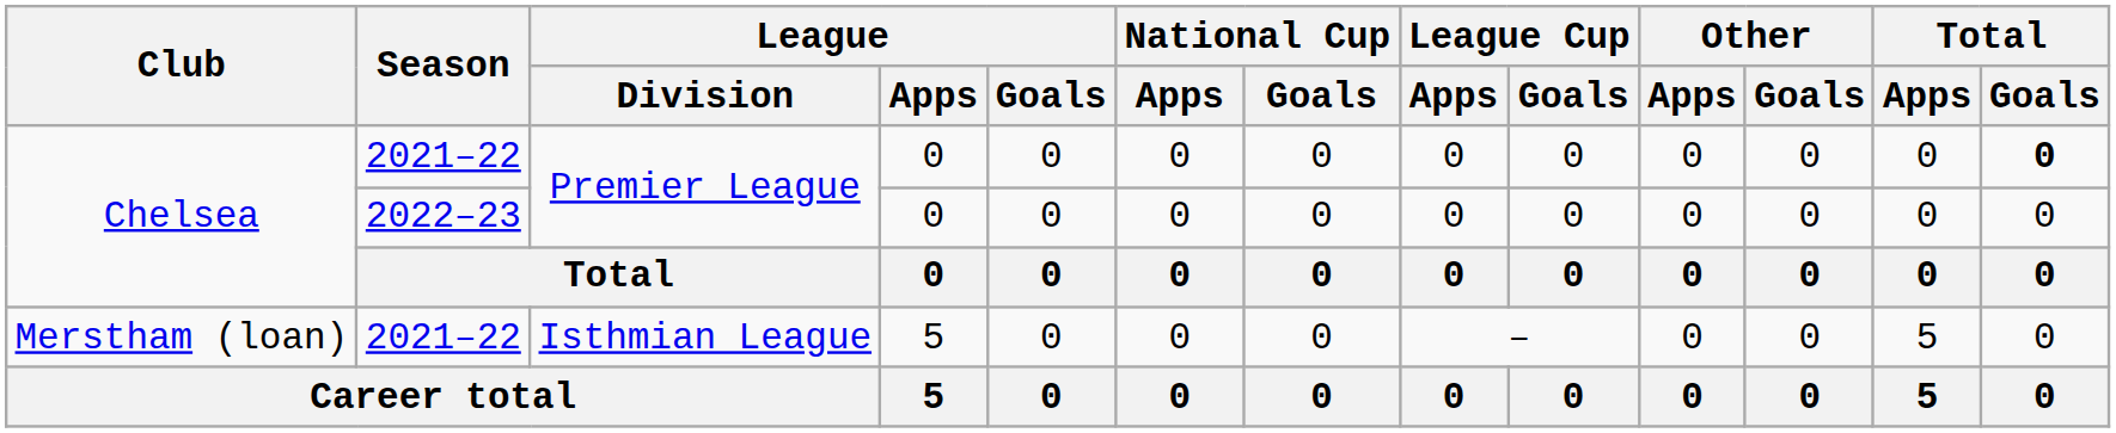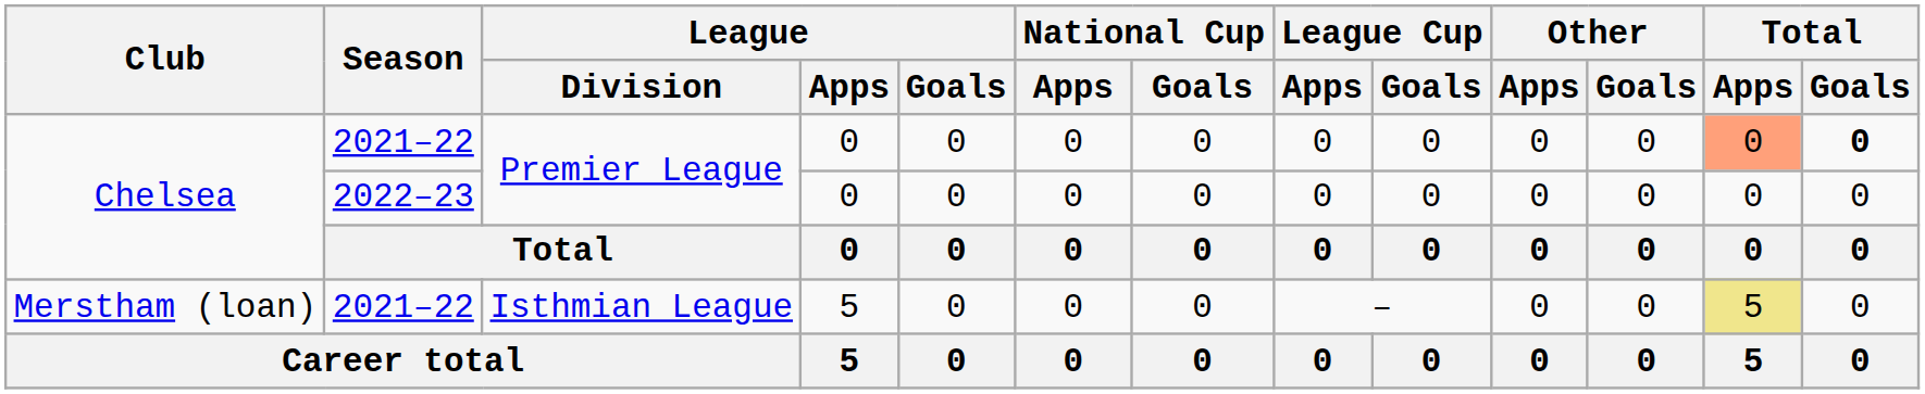 <table class="wikitable" style="text-align: center">
 <tr>
 <th rowspan="2">Club</th>
 <th rowspan="2">Season</th>
 <th colspan="3">League</th>
 <th colspan="2">National Cup</th>
 <th colspan="2">League Cup</th>
 <th colspan="2">Other</th>
 <th colspan="2">Total</th>
 </tr>
 <tr>
 <th>Division</th>
 <th>Apps</th>
 <th>Goals</th>
 <th>Apps</th>
 <th>Goals</th>
 <th>Apps</th>
 <th>Goals</th>
 <th>Apps</th>
 <th>Goals</th>
 <th>Apps</th>
 <th>Goals</th>
 </tr>
 <tr>
 <td rowspan="3"><a href='#'>Chelsea</a></td>
 <td><a href='#'>2021–22</a></td>
 <td rowspan="2"><a href='#'>Premier League</a></td>
 <td>0</td>
 <td>0</td>
 <td>0</td>
 <td>0</td>
 <td>0</td>
 <td>0</td>
 <td>0</td>
 <td>0</td>
-<td>0</td>
+<td style="background: lightsalmon;">0</td>
 <td><strong>0</strong></td>
 </tr>
 <tr>
 <td><a href='#'>2022–23</a></td>
 <td>0</td>
 <td>0</td>
 <td>0</td>
 <td>0</td>
 <td>0</td>
 <td>0</td>
 <td>0</td>
 <td>0</td>
 <td>0</td>
 <td>0</td>
 </tr>
 <tr>
 <th colspan="2"><strong>Total</strong></th>
 <th>0</th>
 <th>0</th>
 <th>0</th>
 <th>0</th>
 <th>0</th>
 <th>0</th>
 <th>0</th>
 <th>0</th>
 <th>0</th>
 <th>0</th>
 </tr>
 <tr>
 <td><a href='#'>Merstham</a> (loan)</td>
 <td><a href='#'>2021–22</a></td>
 <td><a href='#'>Isthmian League</a></td>
 <td>5</td>
 <td>0</td>
 <td>0</td>
 <td>0</td>
 <td colspan="2">–</td>
 <td>0</td>
 <td>0</td>
-<td>5</td>
+<td style="background: khaki;">5</td>
 <td>0</td>
 </tr>
 <tr>
 <th colspan="3"><strong>Career total</strong></th>
 <th>5</th>
 <th>0</th>
 <th>0</th>
 <th>0</th>
 <th>0</th>
 <th>0</th>
 <th>0</th>
 <th>0</th>
 <th>5</th>
 <th>0</th>
 </tr>
 </table>
